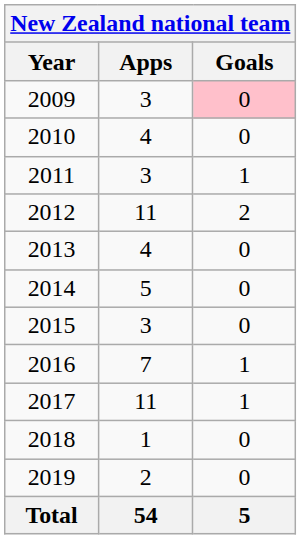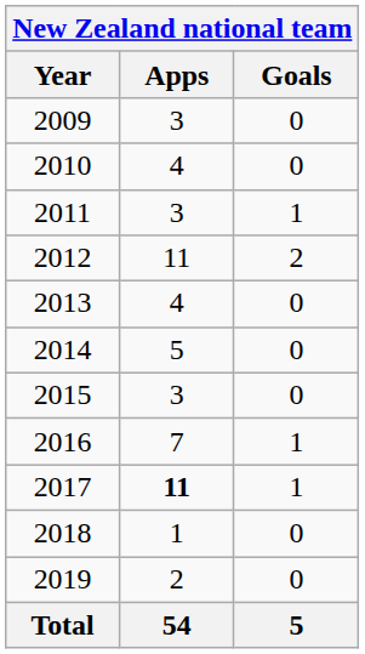 <table class="wikitable" style="text-align:center">
 <tr>
 <th colspan=3><a href='#'>New Zealand national team</a></th>
 </tr>
 <tr>
 <th>Year</th>
 <th>Apps</th>
 <th>Goals</th>
 </tr>
 <tr>
 <td>2009</td>
 <td>3</td>
-<td style="background: pink;">0</td>
+<td>0</td>
 </tr>
 <tr>
 <td>2010</td>
 <td>4</td>
 <td>0</td>
 </tr>
 <tr>
 <td>2011</td>
 <td>3</td>
 <td>1</td>
 </tr>
 <tr>
 <td>2012</td>
 <td>11</td>
 <td>2</td>
 </tr>
 <tr>
 <td>2013</td>
 <td>4</td>
 <td>0</td>
 </tr>
 <tr>
 <td>2014</td>
 <td>5</td>
 <td>0</td>
 </tr>
 <tr>
 <td>2015</td>
 <td>3</td>
 <td>0</td>
 </tr>
 <tr>
 <td>2016</td>
 <td>7</td>
 <td>1</td>
 </tr>
 <tr>
 <td>2017</td>
-<td>11</td>
+<td><strong>11</strong></td>
 <td>1</td>
 </tr>
 <tr>
 <td>2018</td>
 <td>1</td>
 <td>0</td>
 </tr>
 <tr>
 <td>2019</td>
 <td>2</td>
 <td>0</td>
 </tr>
 <tr>
 <th>Total</th>
 <th>54</th>
 <th>5</th>
 </tr>
 </table>
